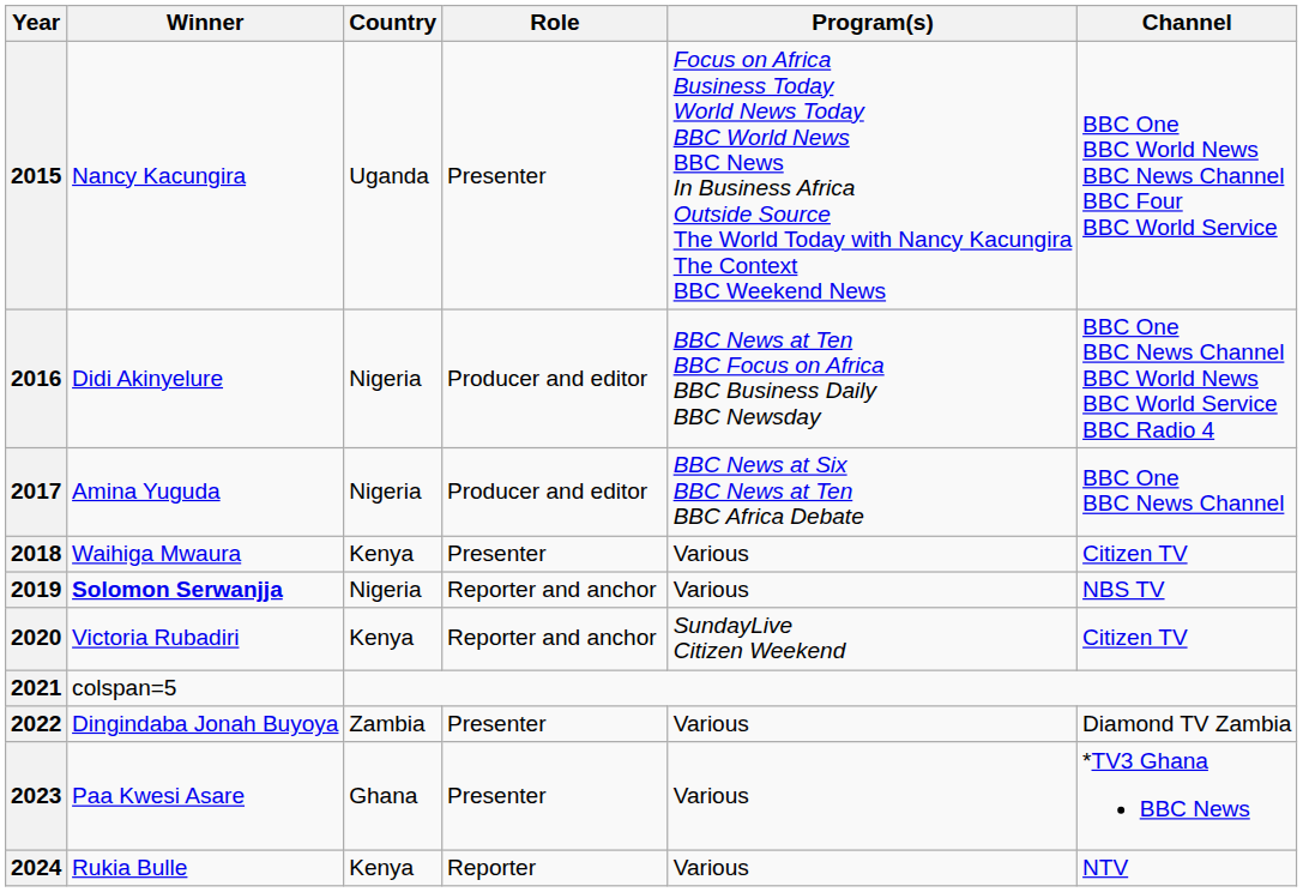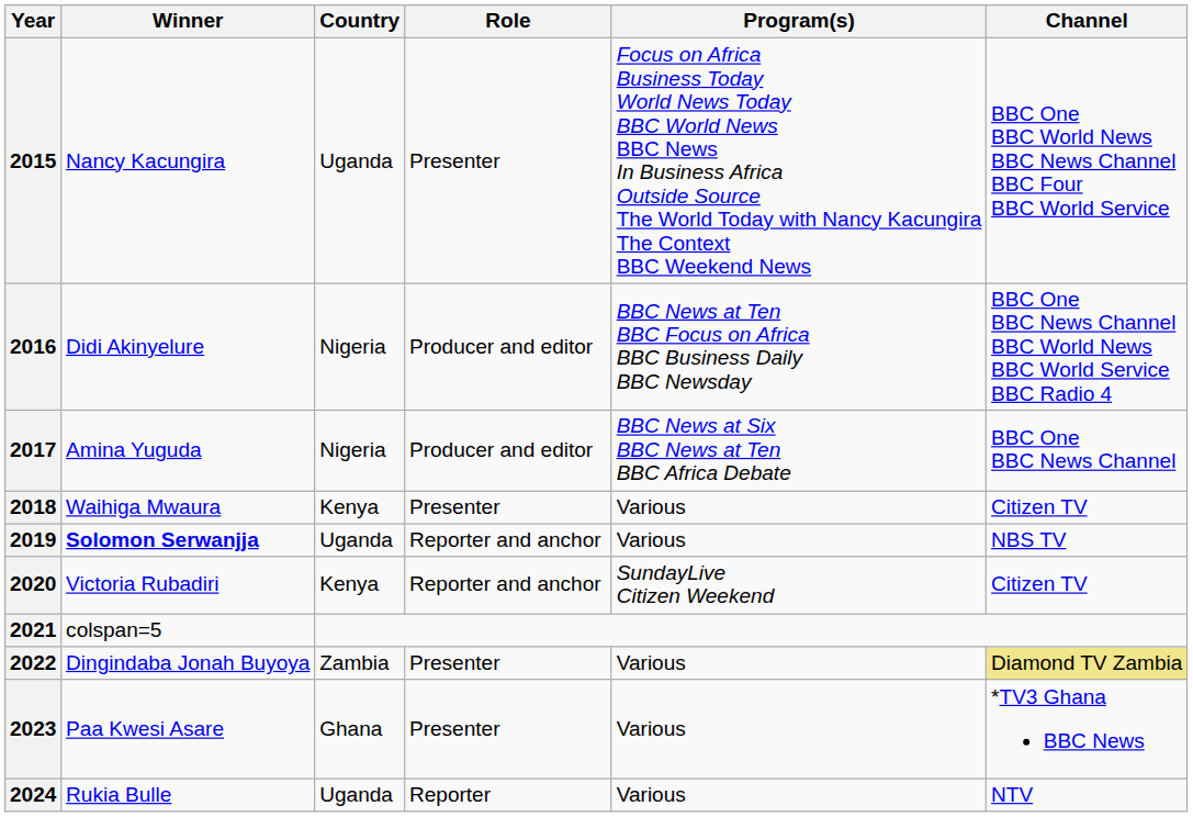 <table class="wikitable">
 <tr>
 <th>Year</th>
 <th>Winner</th>
 <th>Country</th>
 <th>Role</th>
 <th>Program(s)</th>
 <th>Channel</th>
 </tr>
 <tr>
 <th>2015</th>
 <td><a href='#'>Nancy Kacungira</a></td>
 <td>Uganda</td>
 <td>Presenter</td>
 <td><em><a href='#'>Focus on Africa</a></em><br><em><a href='#'>Business Today</a></em><br><em><a href='#'>World News Today</a></em><br><em><a href='#'>BBC World News</a></em><br><a href='#'>BBC News</a><br><em>In Business Africa</em><br><em><a href='#'>Outside Source</a></em><br> <a href='#'> The World Today with Nancy Kacungira</a><br><a href='#'>The Context</a><br><a href='#'>BBC Weekend News</a></td>
 <td><a href='#'>BBC One</a> <br><a href='#'>BBC World News</a> <br><a href='#'>BBC News Channel</a><br><a href='#'>BBC Four</a><br><a href='#'>BBC World Service</a></td>
 </tr>
 <tr>
 <th>2016</th>
 <td><a href='#'>Didi Akinyelure</a></td>
 <td>Nigeria</td>
 <td>Producer and editor</td>
 <td><em><a href='#'>BBC News at Ten</a></em><br><em><a href='#'>BBC Focus on Africa</a></em><br><em>BBC Business Daily</em><br><em>BBC Newsday</em></td>
 <td><a href='#'>BBC One</a> <br><a href='#'>BBC News Channel</a> <br><a href='#'>BBC World News</a><br><a href='#'>BBC World Service</a><br><a href='#'>BBC Radio 4</a></td>
 </tr>
 <tr>
 <th>2017</th>
 <td><a href='#'>Amina Yuguda</a></td>
 <td>Nigeria</td>
 <td>Producer and editor</td>
 <td><em><a href='#'>BBC News at Six</a></em><br><em><a href='#'>BBC News at Ten</a></em><br><em>BBC Africa Debate</em></td>
 <td><a href='#'>BBC One</a> <br><a href='#'>BBC News Channel</a></td>
 </tr>
 <tr>
 <th>2018</th>
 <td><a href='#'>Waihiga Mwaura</a></td>
 <td>Kenya</td>
 <td>Presenter</td>
 <td>Various</td>
 <td><a href='#'>Citizen TV</a></td>
 </tr>
 <tr>
 <th>2019</th>
 <td><strong><a href='#'>Solomon Serwanjja</a></strong></td>
-<td>Nigeria</td>
+<td>Uganda</td>
 <td>Reporter and anchor </td>
 <td>Various</td>
 <td><a href='#'>NBS TV</a></td>
 </tr>
 <tr>
 <th>2020</th>
 <td><a href='#'>Victoria Rubadiri</a></td>
 <td>Kenya</td>
 <td>Reporter and anchor</td>
 <td><em>SundayLive</em><br><em>Citizen Weekend</em></td>
 <td><a href='#'>Citizen TV</a></td>
 </tr>
 <tr>
 <th>2021</th>
 <td>colspan=5 </td>
 </tr>
 <tr>
 <th>2022</th>
 <td><a href='#'>Dingindaba Jonah Buyoya</a></td>
 <td>Zambia</td>
 <td>Presenter</td>
 <td>Various</td>
-<td>Diamond TV Zambia</td>
+<td style="background: khaki;">Diamond TV Zambia</td>
 </tr>
 <tr>
 <th>2023</th>
 <td><a href='#'>Paa Kwesi Asare</a></td>
 <td>Ghana</td>
 <td>Presenter</td>
 <td>Various</td>
 <td>*<a href='#'>TV3 Ghana</a><br><ul><li><a href='#'>BBC News</a></li></ul></td>
 </tr>
 <tr>
 <th>2024</th>
 <td><a href='#'>Rukia Bulle</a></td>
-<td>Kenya</td>
+<td>Uganda</td>
 <td>Reporter</td>
 <td>Various</td>
 <td><a href='#'>NTV</a></td>
 </tr>
 </table>
